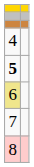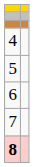 <table class="wikitable">
 <tr style="background:gold;">
 <td align=center></td>
 <td></td>
 </tr>
 <tr style="background:silver;">
 <td align=center></td>
 <td></td>
 </tr>
 <tr style="background:peru;">
 <td align=center></td>
 <td></td>
 </tr>
 <tr>
 <td align=center>4</td>
 <td></td>
 </tr>
 <tr>
-<td align=center><strong>5</strong></td>
+<td align=center>5</td>
 <td></td>
 </tr>
 <tr>
-<td align=center style="background: khaki;">6</td>
+<td align=center>6</td>
 <td></td>
 </tr>
 <tr>
 <td align=center>7</td>
 <td></td>
 </tr>
 <tr style="background:#fcc;">
-<td align=center>8</td>
+<td align=center><strong>8</strong></td>
 <td></td>
 </tr>
 </table>
